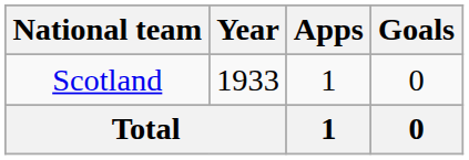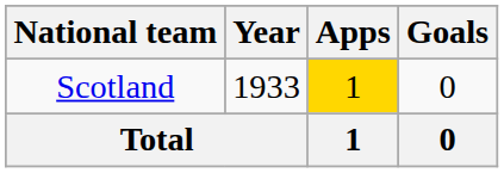 <table class="wikitable" style="text-align:center">
 <tr>
 <th>National team</th>
 <th>Year</th>
 <th>Apps</th>
 <th>Goals</th>
 </tr>
 <tr>
 <td><a href='#'>Scotland</a></td>
 <td>1933</td>
-<td>1</td>
+<td style="background: gold;">1</td>
 <td>0</td>
 </tr>
 <tr>
 <th colspan="2">Total</th>
 <th>1</th>
 <th>0</th>
 </tr>
 </table>
